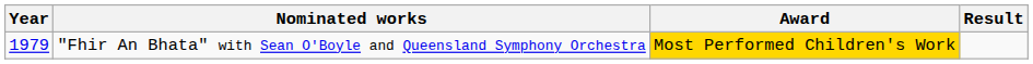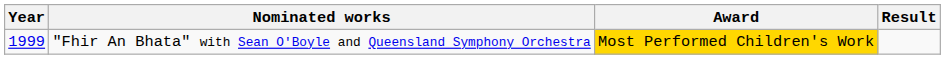 <table class="wikitable">
 <tr>
 <th>Year</th>
 <th>Nominated works</th>
 <th>Award</th>
 <th>Result</th>
 </tr>
 <tr>
-<td><a href='#'>1979</a></td>
+<td><a href='#'>1999</a></td>
 <td>"Fhir An Bhata" <small>with <a href='#'>Sean O'Boyle</a> and <a href='#'>Queensland Symphony Orchestra</a></small></td>
 <td style="background: gold;">Most Performed Children's Work</td>
 <td></td>
 </tr>
 </table>
